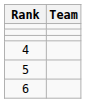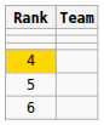 <table class=wikitable style="text-align:center;">
 <tr>
 <th width=40>Rank</th>
 <th>Team</th>
 </tr>
 <tr>
 <td></td>
 <td align=left></td>
 </tr>
 <tr>
 <td></td>
 <td align=left></td>
 </tr>
 <tr>
 <td></td>
 <td align=left></td>
 </tr>
 <tr>
-<td>4</td>
+<td style="background: gold;">4</td>
 <td align=left></td>
 </tr>
 <tr>
 <td>5</td>
 <td align=left></td>
 </tr>
 <tr>
 <td>6</td>
 <td align=left></td>
 </tr>
 </table>
